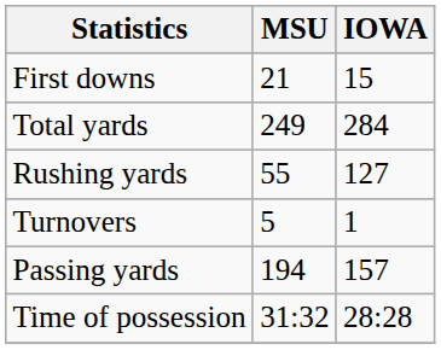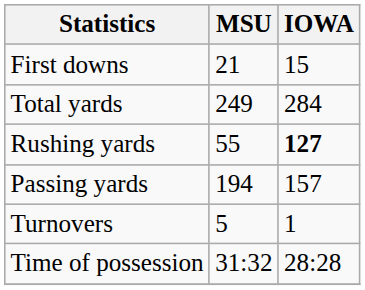 <table class="wikitable">
 <tr>
 <th>Statistics</th>
 <th>MSU</th>
 <th>IOWA</th>
 </tr>
 <tr>
 <td>First downs</td>
 <td>21</td>
 <td>15</td>
 </tr>
 <tr>
 <td>Total yards</td>
 <td>249</td>
 <td>284</td>
 </tr>
 <tr>
 <td>Rushing yards</td>
 <td>55</td>
-<td>127</td>
+<td><strong>127</strong></td>
+</tr>
+<tr>
+<td>Passing yards</td>
+<td>194</td>
+<td>157</td>
 </tr>
 <tr>
 <td>Turnovers</td>
 <td>5</td>
 <td>1</td>
-</tr>
-<tr>
-<td>Passing yards</td>
-<td>194</td>
-<td>157</td>
 </tr>
 <tr>
 <td>Time of possession</td>
 <td>31:32</td>
 <td>28:28</td>
 </tr>
 <tr>
 </tr>
 </table>
